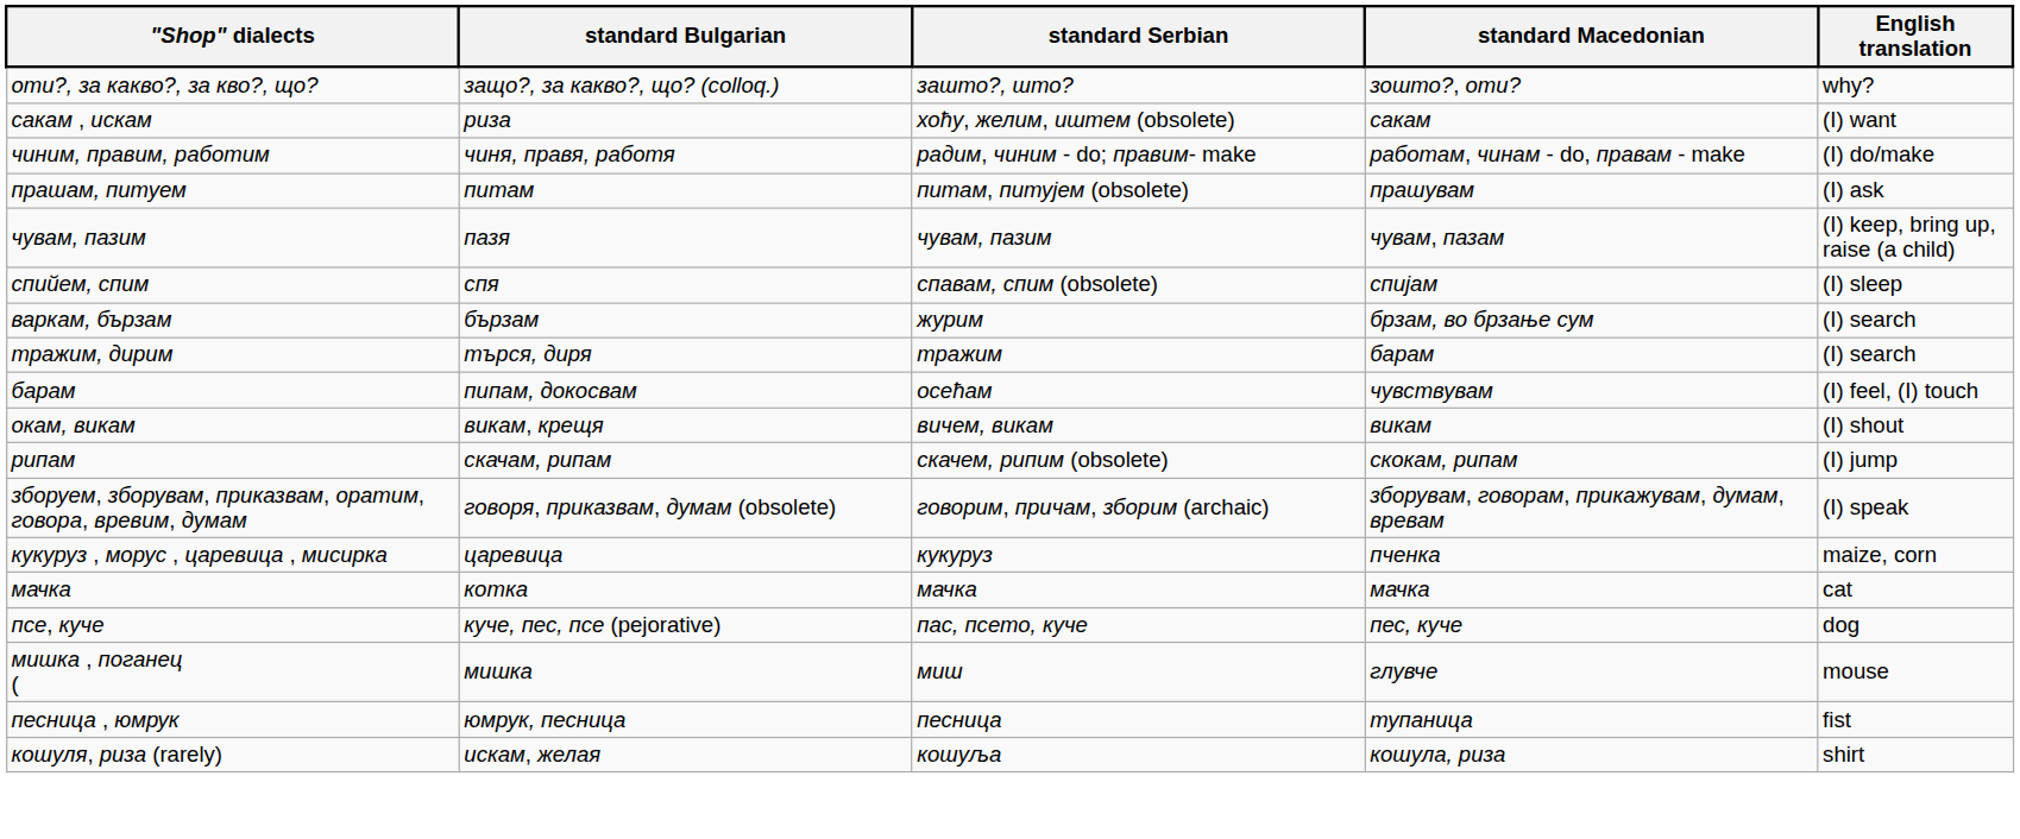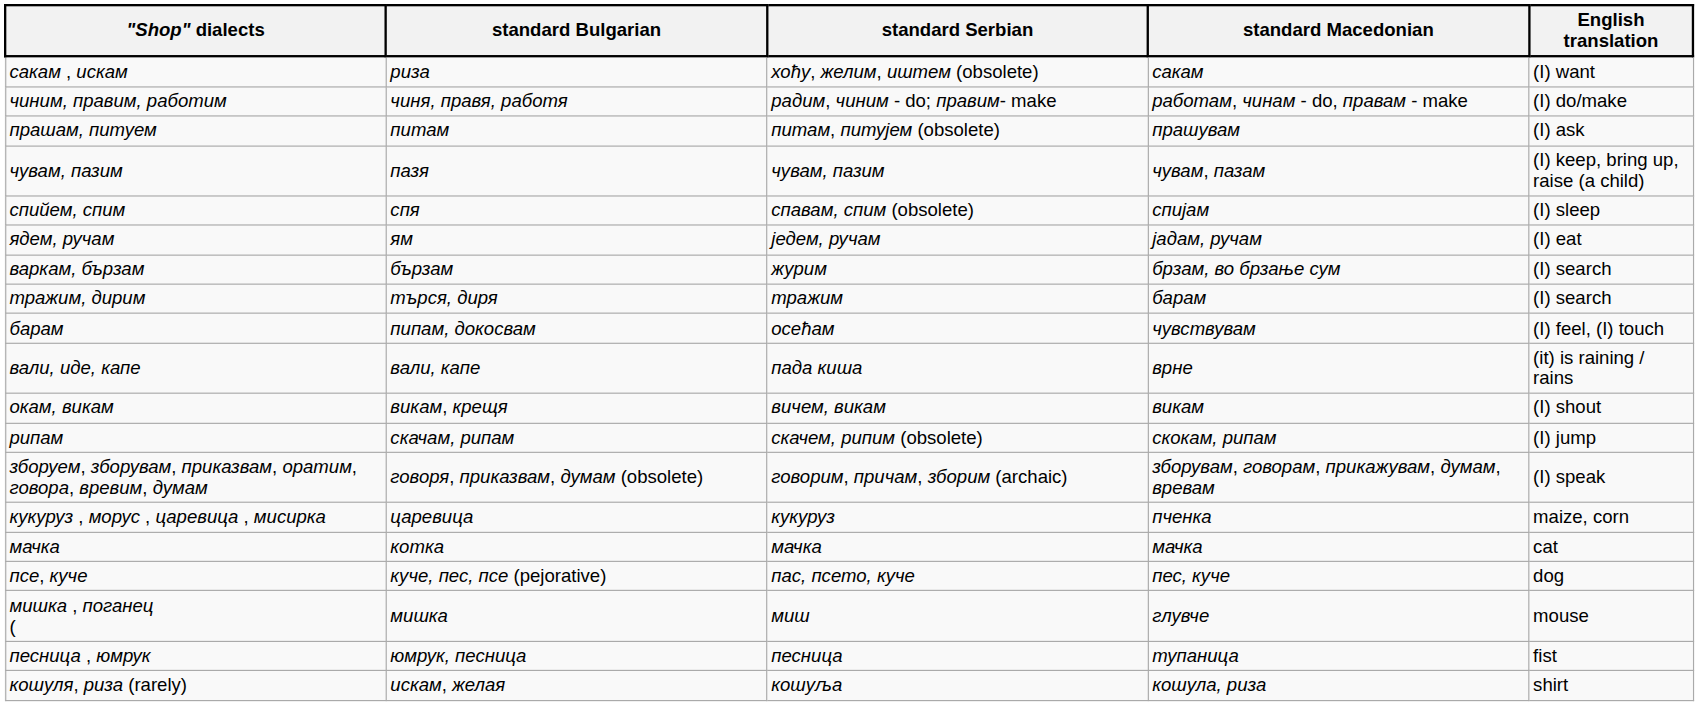 <table class="wikitable">
 <tr>
 <th style="border: 2px solid black; width:240pt;"><em>"Shop"</em> dialects</th>
 <th style="border: 2px solid black; width:240pt;">standard Bulgarian</th>
 <th style="border: 2px solid black; width:240pt;">standard Serbian</th>
 <th style="border: 2px solid black; width:240pt;">standard Macedonian</th>
 <th style="border: 2px solid black; width:100pt;">English translation</th>
-</tr>
-<tr>
-<td><em>оти?, за какво?, за кво?, що?</em><br></td>
-<td><em>защо?, за какво?, що? (colloq.)<br></em></td>
-<td><em>зашто?, што?</em> <br></td>
-<td><em>зошто?</em>, <em>оти?</em> <br></td>
-<td>why?</td>
 </tr>
 <tr>
 <td><em>сакам</em> , <em>искам</em> <br></td>
 <td><em>риза</em><br> </td>
 <td><em>хоћу</em>, <em>желим</em>, <em>иштем</em> (obsolete)<br></td>
 <td><em>сакам</em><br></td>
 <td>(I) want</td>
 </tr>
 <tr>
 <td><em>чиним, правим, работим</em><br></td>
 <td><em>чиня, правя, работя</em> <br></td>
 <td><em>радим</em>, <em>чиним</em> - do; <em>правим</em>- make<br></td>
 <td><em>работам</em>, <em>чинaм</em> - do, <em>правам</em> - make<br></td>
 <td>(I) do/make</td>
 </tr>
 <tr>
 <td><em>прашам, питуем</em><br></td>
 <td><em>питам</em> <br></td>
 <td><em>питам</em>, <em>питуjем</em> (obsolete)<br> </td>
 <td><em>прашувам</em> <br></td>
 <td>(I) ask</td>
 </tr>
 <tr>
 <td><em>чувам, пазим</em> <br></td>
 <td><em>пазя</em> <br></td>
 <td><em>чувам, пазим</em> <br></td>
 <td><em>чувам</em>, <em>пазам</em><br></td>
 <td>(I) keep, bring up, raise (a child)</td>
 </tr>
 <tr>
 <td><em>спийем, спим</em><br></td>
 <td><em>спя</em> <br></td>
 <td><em>спавам, спим</em> (obsolete) <br></td>
 <td><em>спиjaм</em> <br></td>
 <td>(I) sleep</td>
 </tr>
 <tr>
+<td><em>ядем, ручам</em><br> </td>
+<td><em>ям</em><br> </td>
+<td><em>jедем, ручам</em> <br></td>
+<td><em>jадам, ручам</em> <br></td>
+<td>(I) eat</td>
+</tr>
+<tr>
 <td><em>варкам, бързам</em> <br></td>
 <td><em>бързам</em><br></td>
 <td><em>журим</em><br> </td>
 <td><em>брзам, во брзање сум</em><br></td>
 <td>(I) search</td>
 </tr>
 <tr>
 <td><em>тражим, дирим</em> <br></td>
 <td><em>търся, диря</em> <br></td>
 <td><em>тражим</em> <br></td>
 <td><em>барам</em> <br></td>
 <td>(I) search</td>
 </tr>
 <tr>
 <td><em>барам</em><br> </td>
 <td><em>пипам, докосвам</em> <br></td>
 <td><em>осећам</em> <br></td>
 <td><em>чувствувам</em> <br></td>
 <td>(I) feel, (I) touch</td>
+</tr>
+<tr>
+<td><em>вали, иде, капе</em><br></td>
+<td><em>вали, капе</em> <br></td>
+<td><em>пада киша</em><br> </td>
+<td><em>врне</em> <br></td>
+<td>(it) is raining / rains</td>
 </tr>
 <tr>
 <td><em>окам, викам</em> <br></td>
 <td><em>викам</em>, <em>крещя</em><br> </td>
 <td><em>вичем, викам</em> <br></td>
 <td><em>викам</em> <br></td>
 <td>(I) shout</td>
 </tr>
 <tr>
 <td><em>рипам</em> <br></td>
 <td><em>скачам, рипам</em><br> </td>
 <td><em>скачем, рипим</em> (obsolete)<br></td>
 <td><em>скокам, рипам</em><br> </td>
 <td>(I) jump</td>
 </tr>
 <tr>
 <td><em>зборуем</em>, <em>зборувам</em>, <em>приказвам</em>, <em>оратим</em>, <em>говора</em>, <em>вревим</em>, <em>думам</em><br> </td>
 <td><em>говоря</em>, <em>приказвам</em>, <em>думам</em> (obsolete)<br> </td>
 <td><em>говорим</em>, <em>причам</em>, <em>зборим</em> (archaic)<br> </td>
 <td><em>зборувам</em>, <em>говорам</em>, <em>прикажувам</em>, <em>думам</em>, <em>вревам</em><br></td>
 <td>(I) speak</td>
 </tr>
 <tr>
 <td><em>кукуруз</em> , <em>морус</em> , <em>царевица</em> , <em>мисирка</em> <br></td>
 <td><em>царевица</em> <br></td>
 <td><em>кукуруз</em> <br></td>
 <td><em>пченка</em> <br></td>
 <td>maize, corn</td>
 </tr>
 <tr>
 <td><em>мачка</em> <br></td>
 <td><em>котка</em> <br></td>
 <td><em>мачка</em><br> </td>
 <td><em>мачка</em><br> </td>
 <td>cat</td>
 </tr>
 <tr>
 <td><em>псе</em>, <em>куче</em><br></td>
 <td><em>куче, пес, псе</em> (pejorative)<br></td>
 <td><em>пас, псето, куче</em><br></td>
 <td><em>пес, куче</em><br> </td>
 <td>dog</td>
 </tr>
 <tr>
 <td><em>мишка</em> , <em>поганец</em>  <br>(</td>
 <td><em>мишка</em><br> </td>
 <td><em>миш</em> <br></td>
 <td><em>глувче</em><br></td>
 <td>mouse</td>
 </tr>
 <tr>
 <td><em>песница</em> , <em>юмрук</em>  <br></td>
 <td><em>юмрук, песница</em> <br></td>
 <td><em>песница</em><br> </td>
 <td><em>тупаница</em><br> </td>
 <td>fist</td>
 </tr>
 <tr>
 <td><em>кошуля</em>, <em>риза</em> (rarely)<br> </td>
 <td><em>искам</em>, <em>желая</em><br></td>
 <td><em>кошуља</em><br> </td>
 <td><em>кошула, риза</em> <br></td>
 <td>shirt</td>
 </tr>
 </table>
